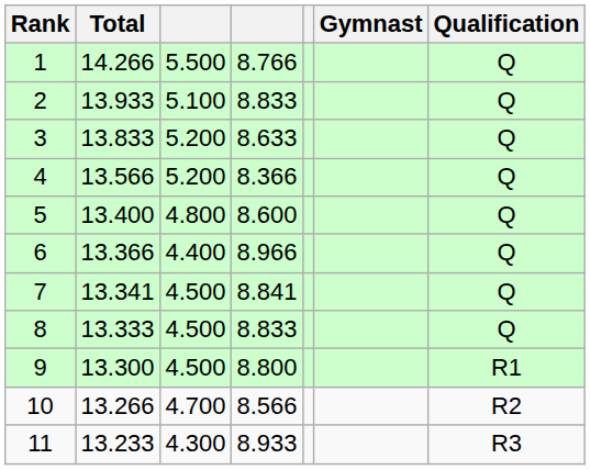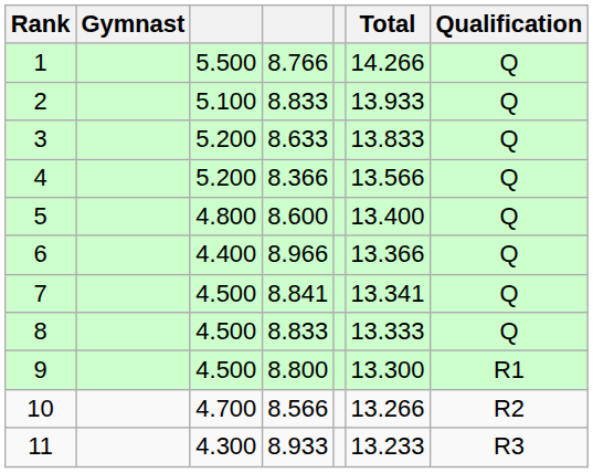 <table class="wikitable sortable" style="text-align:center">
 <tr>
 <th>Rank</th>
-<th>Total</th>
+<th>Gymnast</th>
 <th><small></small></th>
 <th><small></small></th>
 <th><small></small></th>
-<th>Gymnast</th>
+<th>Total</th>
 <th>Qualification</th>
 </tr>
 <tr bgcolor=ccffcc>
 <td>1</td>
-<td>14.266</td>
+<td align=left></td>
 <td>5.500</td>
 <td>8.766</td>
 <td></td>
-<td align=left></td>
+<td>14.266</td>
 <td>Q</td>
 </tr>
 <tr bgcolor=ccffcc>
 <td>2</td>
-<td>13.933</td>
+<td align=left></td>
 <td>5.100</td>
 <td>8.833</td>
 <td></td>
-<td align=left></td>
+<td>13.933</td>
 <td>Q</td>
 </tr>
 <tr bgcolor=ccffcc>
 <td>3</td>
-<td>13.833</td>
+<td align=left></td>
 <td>5.200</td>
 <td>8.633</td>
 <td></td>
-<td align=left></td>
+<td>13.833</td>
 <td>Q</td>
 </tr>
 <tr bgcolor=ccffcc>
 <td>4</td>
-<td>13.566</td>
+<td align=left></td>
 <td>5.200</td>
 <td>8.366</td>
 <td></td>
-<td align=left></td>
+<td>13.566</td>
 <td>Q</td>
 </tr>
 <tr bgcolor=ccffcc>
 <td>5</td>
-<td>13.400</td>
+<td align=left></td>
 <td>4.800</td>
 <td>8.600</td>
 <td></td>
-<td align=left></td>
+<td>13.400</td>
 <td>Q</td>
 </tr>
 <tr bgcolor=ccffcc>
 <td>6</td>
-<td>13.366</td>
+<td align=left></td>
 <td>4.400</td>
 <td>8.966</td>
 <td></td>
-<td align=left></td>
+<td>13.366</td>
 <td>Q</td>
 </tr>
 <tr bgcolor=ccffcc>
 <td>7</td>
-<td>13.341</td>
+<td align=left></td>
 <td>4.500</td>
 <td>8.841</td>
 <td></td>
-<td align=left></td>
+<td>13.341</td>
 <td>Q</td>
 </tr>
 <tr bgcolor=ccffcc>
 <td>8</td>
-<td>13.333</td>
+<td align=left></td>
 <td>4.500</td>
 <td>8.833</td>
 <td></td>
-<td align=left></td>
+<td>13.333</td>
 <td>Q</td>
 </tr>
 <tr bgcolor=ccffcc>
 <td>9</td>
-<td>13.300</td>
+<td align=left></td>
 <td>4.500</td>
 <td>8.800</td>
 <td></td>
-<td align=left></td>
+<td>13.300</td>
 <td>R1</td>
 </tr>
 <tr>
 <td>10</td>
-<td>13.266</td>
+<td align=left></td>
 <td>4.700</td>
 <td>8.566</td>
 <td></td>
-<td align=left></td>
+<td>13.266</td>
 <td>R2</td>
 </tr>
 <tr>
 <td>11</td>
-<td>13.233</td>
+<td align=left></td>
 <td>4.300</td>
 <td>8.933</td>
 <td></td>
-<td align=left></td>
+<td>13.233</td>
 <td>R3</td>
 </tr>
 </table>
